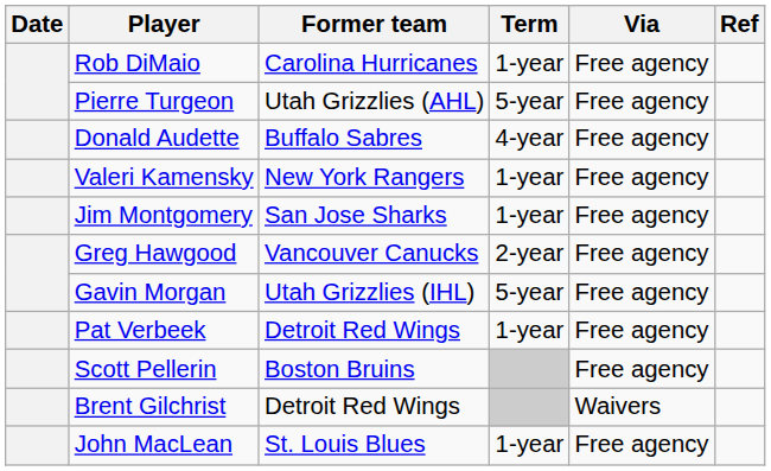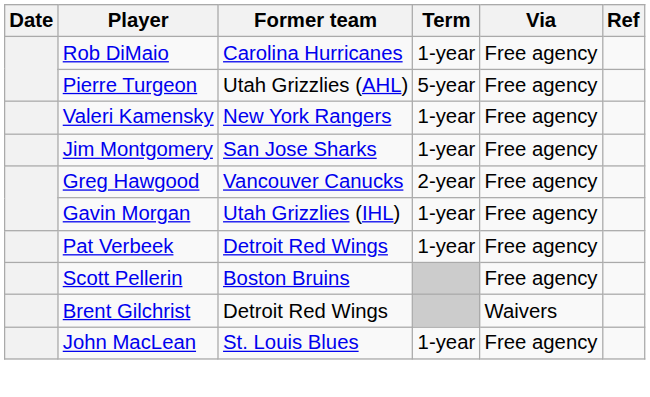 <table class="wikitable plainrowheaders">
 <tr style="background:#ddd; text-align:center;">
 <th>Date</th>
 <th>Player</th>
 <th>Former team</th>
 <th>Term</th>
 <th>Via</th>
 <th>Ref</th>
 </tr>
 <tr>
 <th scope="row" rowspan=2></th>
 <td><a href='#'>Rob DiMaio</a></td>
 <td><a href='#'>Carolina Hurricanes</a></td>
 <td>1-year</td>
 <td>Free agency</td>
 <td></td>
 </tr>
 <tr>
 <td><a href='#'>Pierre Turgeon</a></td>
 <td>Utah Grizzlies (<a href='#'>AHL</a>)</td>
 <td>5-year</td>
-<td>Free agency</td>
-<td></td>
-</tr>
-<tr>
-<th scope="row"></th>
-<td><a href='#'>Donald Audette</a></td>
-<td><a href='#'>Buffalo Sabres</a></td>
-<td>4-year</td>
 <td>Free agency</td>
 <td></td>
 </tr>
 <tr>
 <th scope="row"></th>
 <td><a href='#'>Valeri Kamensky</a></td>
 <td><a href='#'>New York Rangers</a></td>
 <td>1-year</td>
 <td>Free agency</td>
 <td></td>
 </tr>
 <tr>
 <th scope="row"></th>
 <td><a href='#'>Jim Montgomery</a></td>
 <td><a href='#'>San Jose Sharks</a></td>
 <td>1-year</td>
 <td>Free agency</td>
 <td></td>
 </tr>
 <tr>
 <th scope="row" rowspan=2></th>
 <td><a href='#'>Greg Hawgood</a></td>
 <td><a href='#'>Vancouver Canucks</a></td>
 <td>2-year</td>
 <td>Free agency</td>
 <td></td>
 </tr>
 <tr>
 <td><a href='#'>Gavin Morgan</a></td>
 <td><a href='#'>Utah Grizzlies</a> (<a href='#'>IHL</a>)</td>
-<td>5-year</td>
+<td>1-year</td>
 <td>Free agency</td>
 <td></td>
 </tr>
 <tr>
 <th scope="row"></th>
 <td><a href='#'>Pat Verbeek</a></td>
 <td><a href='#'>Detroit Red Wings</a></td>
 <td>1-year</td>
 <td>Free agency</td>
 <td></td>
 </tr>
 <tr>
 <th scope="row"></th>
 <td><a href='#'>Scott Pellerin</a></td>
 <td><a href='#'>Boston Bruins</a></td>
 <td style="background:#ccc"></td>
 <td>Free agency</td>
 <td></td>
 </tr>
 <tr>
 <th scope="row"></th>
 <td><a href='#'>Brent Gilchrist</a></td>
 <td>Detroit Red Wings</td>
 <td style="background:#ccc"></td>
 <td>Waivers</td>
 <td></td>
 </tr>
 <tr>
 <th scope="row"></th>
 <td><a href='#'>John MacLean</a></td>
 <td><a href='#'>St. Louis Blues</a></td>
 <td>1-year</td>
 <td>Free agency</td>
 <td></td>
 </tr>
 </table>
